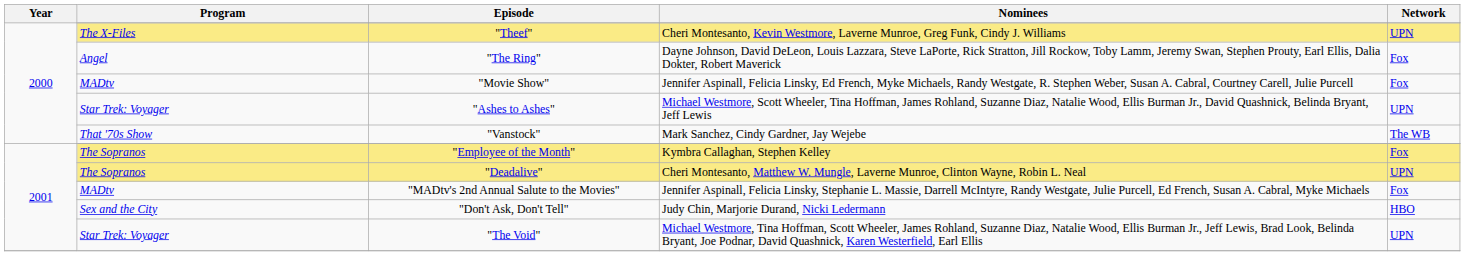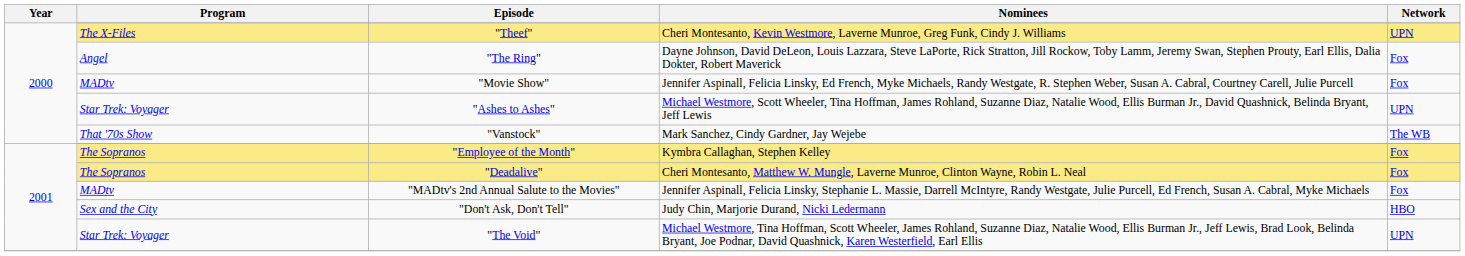 <table class="wikitable">
 <tr>
 <th width="5%">Year</th>
 <th width="20%">Program</th>
 <th width="20%">Episode</th>
 <th width="50%">Nominees</th>
 <th width="5%">Network</th>
 </tr>
 <tr>
 <td rowspan="6" style="text-align:center;"><a href='#'>2000</a><br></td>
 </tr>
 <tr style="background:#FAEB86;">
 <td><em><a href='#'>The X-Files</a></em></td>
 <td align=center>"<a href='#'>Theef</a>"</td>
 <td>Cheri Montesanto, <a href='#'>Kevin Westmore</a>, Laverne Munroe, Greg Funk, Cindy J. Williams</td>
 <td><a href='#'>UPN</a></td>
 </tr>
 <tr>
 <td><em><a href='#'>Angel</a></em></td>
 <td align=center>"<a href='#'>The Ring</a>"</td>
 <td>Dayne Johnson, David DeLeon, Louis Lazzara, Steve LaPorte, Rick Stratton, Jill Rockow, Toby Lamm, Jeremy Swan, Stephen Prouty, Earl Ellis, Dalia Dokter, Robert Maverick</td>
 <td><a href='#'>Fox</a></td>
 </tr>
 <tr>
 <td><em><a href='#'>MADtv</a></em></td>
 <td align=center>"Movie Show"</td>
 <td>Jennifer Aspinall, Felicia Linsky, Ed French, Myke Michaels, Randy Westgate, R. Stephen Weber, Susan A. Cabral, Courtney Carell, Julie Purcell</td>
 <td><a href='#'>Fox</a></td>
 </tr>
 <tr>
 <td><em><a href='#'>Star Trek: Voyager</a></em></td>
 <td align=center>"<a href='#'>Ashes to Ashes</a>"</td>
 <td><a href='#'>Michael Westmore</a>, Scott Wheeler, Tina Hoffman, James Rohland, Suzanne Diaz, Natalie Wood, Ellis Burman Jr., David Quashnick, Belinda Bryant, Jeff Lewis</td>
 <td><a href='#'>UPN</a></td>
 </tr>
 <tr>
 <td><em><a href='#'>That '70s Show</a></em></td>
 <td align=center>"Vanstock"</td>
 <td>Mark Sanchez, Cindy Gardner, Jay Wejebe</td>
 <td><a href='#'>The WB</a></td>
 </tr>
 <tr>
 <td rowspan="6" style="text-align:center;"><a href='#'>2001</a><br></td>
 </tr>
 <tr style="background:#FAEB86;">
 <td><em><a href='#'>The Sopranos</a></em></td>
 <td align=center>"<a href='#'>Employee of the Month</a>"</td>
 <td>Kymbra Callaghan, Stephen Kelley</td>
 <td><a href='#'>Fox</a></td>
 </tr>
 <tr style="background:#FAEB86;">
 <td><em><a href='#'>The Sopranos</a></em></td>
 <td align=center>"<a href='#'>Deadalive</a>"</td>
 <td>Cheri Montesanto, <a href='#'>Matthew W. Mungle</a>, Laverne Munroe, Clinton Wayne, Robin L. Neal</td>
-<td><a href='#'>UPN</a></td>
+<td><a href='#'>Fox</a></td>
 </tr>
 <tr>
 <td><em><a href='#'>MADtv</a></em></td>
 <td align=center>"MADtv's 2nd Annual Salute to the Movies"</td>
 <td>Jennifer Aspinall, Felicia Linsky, Stephanie L. Massie, Darrell McIntyre, Randy Westgate, Julie Purcell, Ed French, Susan A. Cabral, Myke Michaels</td>
 <td><a href='#'>Fox</a></td>
 </tr>
 <tr>
 <td><em><a href='#'>Sex and the City</a></em></td>
 <td align=center>"Don't Ask, Don't Tell"</td>
 <td>Judy Chin, Marjorie Durand, <a href='#'>Nicki Ledermann</a></td>
 <td><a href='#'>HBO</a></td>
 </tr>
 <tr>
 <td><em><a href='#'>Star Trek: Voyager</a></em></td>
 <td align=center>"<a href='#'>The Void</a>"</td>
 <td><a href='#'>Michael Westmore</a>, Tina Hoffman, Scott Wheeler, James Rohland, Suzanne Diaz, Natalie Wood, Ellis Burman Jr., Jeff Lewis, Brad Look, Belinda Bryant, Joe Podnar, David Quashnick, <a href='#'>Karen Westerfield</a>, Earl Ellis</td>
 <td><a href='#'>UPN</a></td>
 </tr>
 <tr>
 </tr>
 </table>
